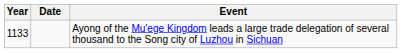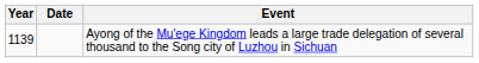 <table class="wikitable" width="100%">
 <tr>
 <th style="width:6%">Year</th>
 <th style="width:10%">Date</th>
 <th>Event</th>
 </tr>
 <tr>
-<td>1133</td>
+<td>1139</td>
 <td></td>
 <td>Ayong of the <a href='#'>Mu'ege Kingdom</a> leads a large trade delegation of several thousand to the Song city of <a href='#'>Luzhou</a> in <a href='#'>Sichuan</a></td>
 </tr>
 </table>
